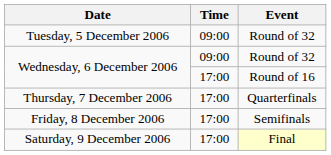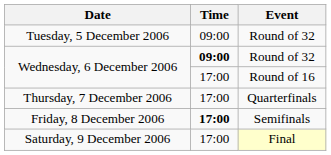 <table class = "wikitable" style="text-align:center;">
 <tr>
 <th width=220>Date</th>
 <th width=50>Time</th>
 <th width=100>Event</th>
 </tr>
 <tr>
 <td>Tuesday, 5 December 2006</td>
 <td>09:00</td>
 <td>Round of 32</td>
 </tr>
 <tr>
 <td rowspan=2>Wednesday, 6 December 2006</td>
-<td>09:00</td>
+<td><strong>09:00</strong></td>
 <td>Round of 32</td>
 </tr>
 <tr>
 <td>17:00</td>
 <td>Round of 16</td>
 </tr>
 <tr>
 <td>Thursday, 7 December 2006</td>
 <td>17:00</td>
 <td>Quarterfinals</td>
 </tr>
 <tr>
 <td>Friday, 8 December 2006</td>
-<td>17:00</td>
+<td><strong>17:00</strong></td>
 <td>Semifinals</td>
 </tr>
 <tr>
 <td>Saturday, 9 December 2006</td>
 <td>17:00</td>
 <td bgcolor=ffffcc>Final</td>
 </tr>
 </table>
